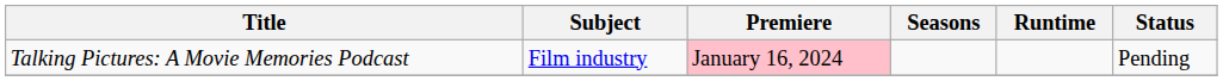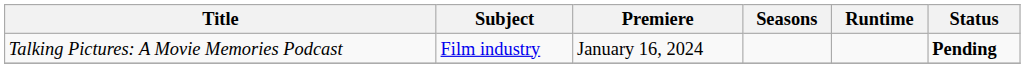 <table class="wikitable sortable" style="width:100%;">
 <tr>
 <th>Title</th>
 <th>Subject</th>
 <th>Premiere</th>
 <th>Seasons</th>
 <th>Runtime</th>
 <th>Status</th>
 </tr>
 <tr>
 <td><em>Talking Pictures: A Movie Memories Podcast</em></td>
 <td><a href='#'>Film industry</a></td>
-<td style="background: pink;">January 16, 2024</td>
+<td>January 16, 2024</td>
 <td></td>
 <td></td>
-<td>Pending</td>
+<td><strong>Pending</strong></td>
 </tr>
 <tr>
 </tr>
 </table>
